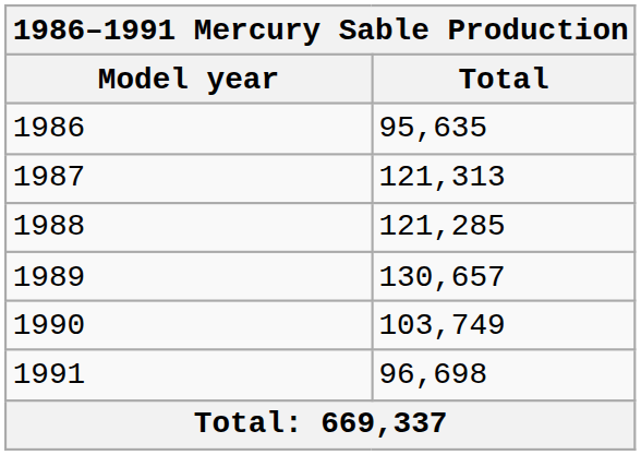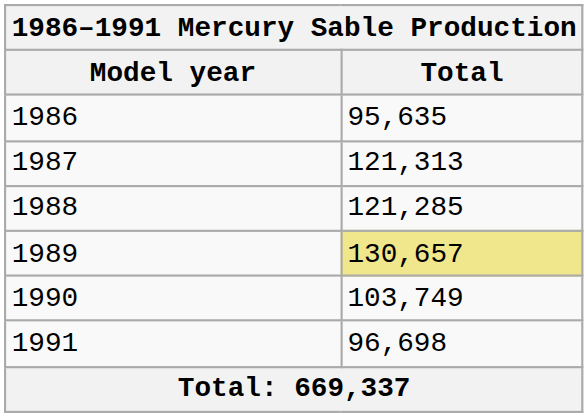 <table class="wikitable">
 <tr>
 <th colspan="2">1986–1991 Mercury Sable Production</th>
 </tr>
 <tr>
 <th>Model year</th>
 <th>Total</th>
 </tr>
 <tr>
 <td>1986</td>
 <td>95,635</td>
 </tr>
 <tr>
 <td>1987</td>
 <td>121,313</td>
 </tr>
 <tr>
 <td>1988</td>
 <td>121,285</td>
 </tr>
 <tr>
 <td>1989</td>
-<td>130,657</td>
+<td style="background: khaki;">130,657</td>
 </tr>
 <tr>
 <td>1990</td>
 <td>103,749</td>
 </tr>
 <tr>
 <td>1991</td>
 <td>96,698</td>
 </tr>
 <tr>
 <th colspan="2">Total: 669,337</th>
 </tr>
 </table>
